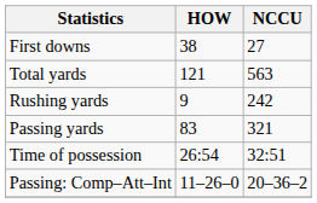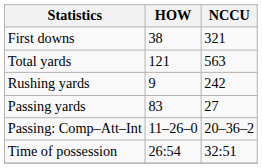 <table class="wikitable" style="float: left;">
 <tr>
 <th>Statistics</th>
 <th>HOW</th>
 <th>NCCU</th>
 </tr>
 <tr>
 <td>First downs</td>
 <td>38</td>
-<td>27</td>
+<td>321</td>
 </tr>
 <tr>
 <td>Total yards</td>
 <td>121</td>
 <td>563</td>
 </tr>
 <tr>
 <td>Rushing yards</td>
 <td>9</td>
 <td>242</td>
 </tr>
 <tr>
 <td>Passing yards</td>
 <td>83</td>
-<td>321</td>
+<td>27</td>
+</tr>
+<tr>
+<td>Passing: Comp–Att–Int</td>
+<td>11–26–0</td>
+<td>20–36–2</td>
 </tr>
 <tr>
 <td>Time of possession</td>
 <td>26:54</td>
 <td>32:51</td>
 </tr>
 <tr>
-<td>Passing: Comp–Att–Int</td>
-<td>11–26–0</td>
-<td>20–36–2</td>
-</tr>
-<tr>
 </tr>
 </table>
